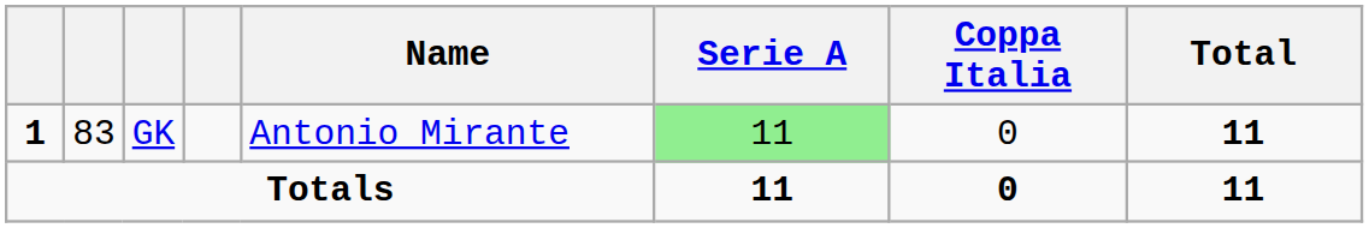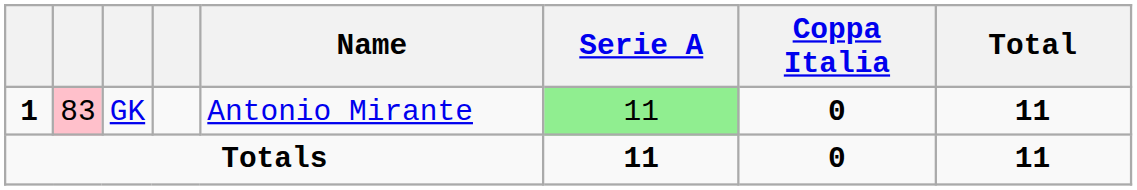 <table class="wikitable" style="text-align:center">
 <tr>
 <th width=15></th>
 <th width=15></th>
 <th width=15></th>
 <th width=15></th>
 <th width=145>Name</th>
 <th width=80><a href='#'>Serie A</a></th>
 <th width=80><a href='#'>Coppa Italia</a></th>
 <th width=80>Total</th>
 </tr>
 <tr>
 <td><strong>1</strong></td>
-<td>83</td>
+<td style="background: pink;">83</td>
 <td><a href='#'>GK</a></td>
 <td></td>
 <td align=left><a href='#'>Antonio Mirante</a></td>
 <td style="background: lightgreen;">11</td>
-<td>0</td>
+<td><strong>0</strong></td>
 <td><strong>11</strong></td>
 </tr>
 <tr>
 <td colspan=5><strong>Totals</strong></td>
 <td><strong>11</strong></td>
 <td><strong>0</strong></td>
 <td><strong>11</strong></td>
 </tr>
 </table>
